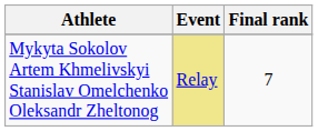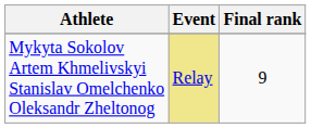 <table class="wikitable" style="font-size:90%">
 <tr>
 <th>Athlete</th>
 <th>Event</th>
 <th>Final rank</th>
 </tr>
 <tr style="font-size:95%">
 </tr>
 <tr align=center>
 <td align=left><a href='#'>Mykyta Sokolov</a><br><a href='#'>Artem Khmelivskyi</a><br><a href='#'>Stanislav Omelchenko</a><br><a href='#'>Oleksandr Zheltonog</a></td>
 <td align=left style="background: khaki;"><a href='#'>Relay</a></td>
-<td>7</td>
+<td>9</td>
 </tr>
 </table>
